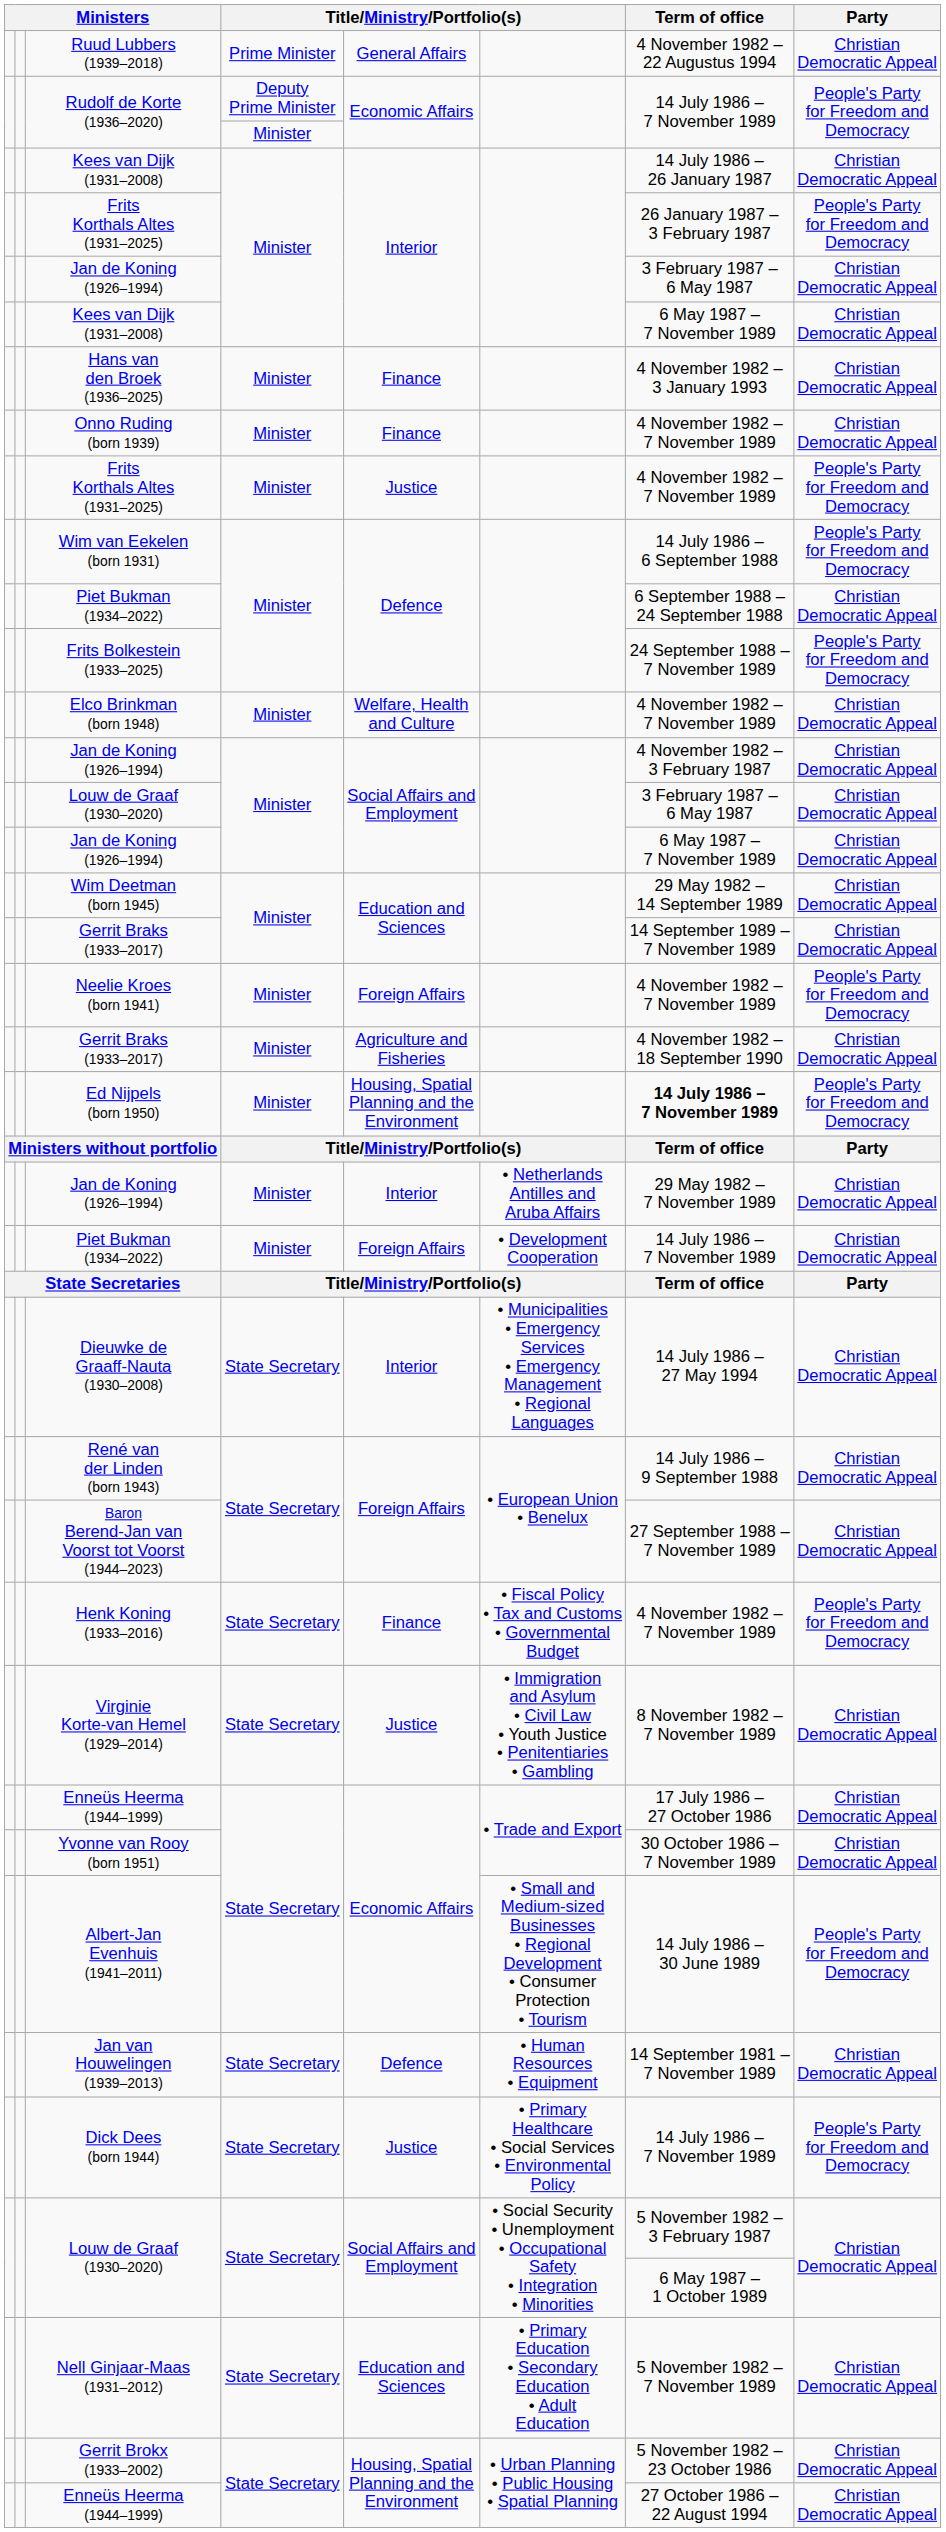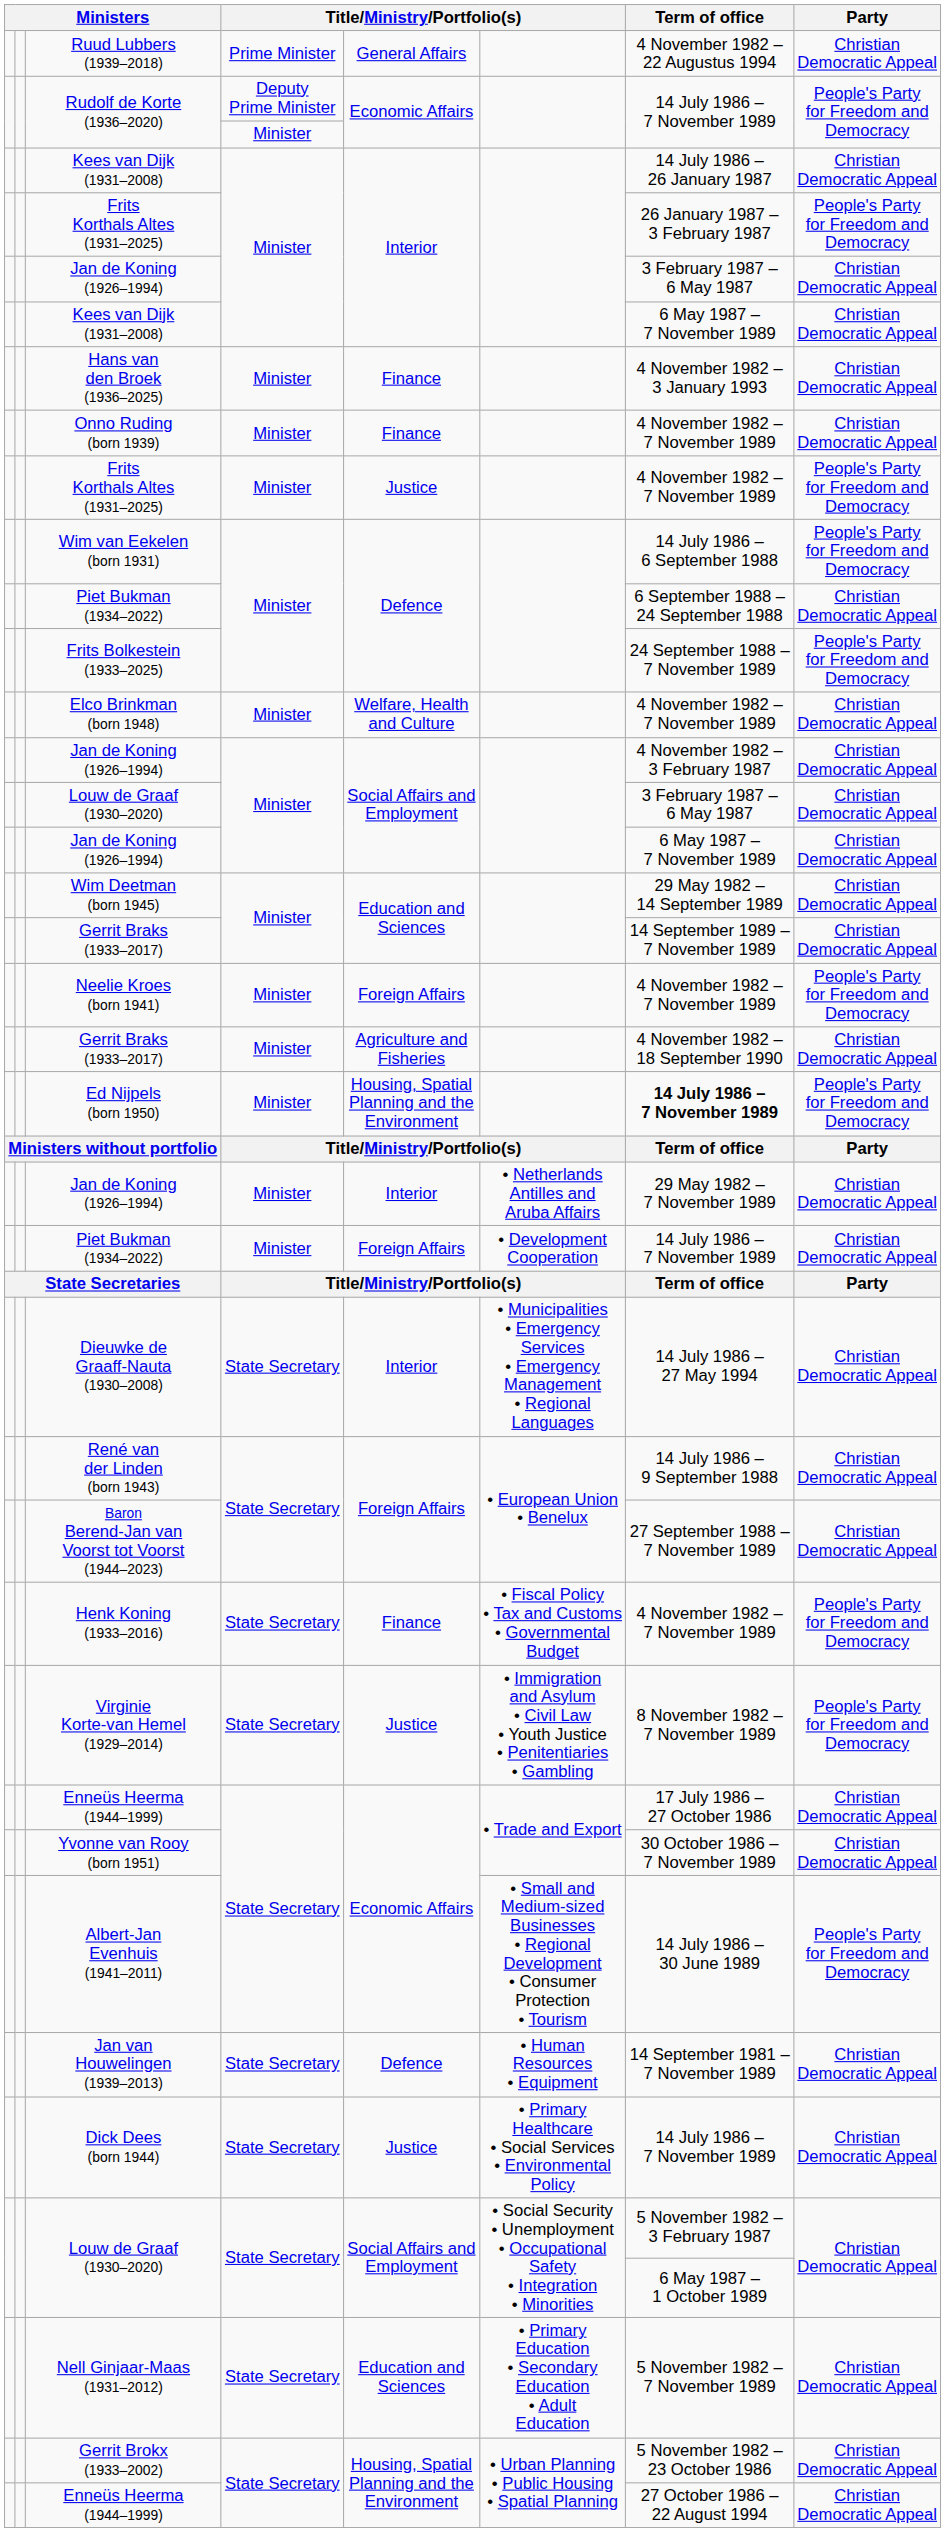 <table class="wikitable" style="text-align:center">
 <tr>
 <th colspan=3><a href='#'>Ministers</a></th>
 <th colspan=3>Title/<a href='#'>Ministry</a>/Portfolio(s)</th>
 <th>Term of office</th>
 <th>Party</th>
 </tr>
 <tr>
 <td style="background:"></td>
 <td></td>
 <td><a href='#'>Ruud Lubbers</a> <br> <small>(1939–2018)</small></td>
 <td><a href='#'>Prime Minister</a></td>
 <td><a href='#'>General Affairs</a></td>
 <td></td>
 <td>4 November 1982 – <br> 22 Augustus 1994 <br>  </td>
 <td><a href='#'>Christian <br> Democratic Appeal</a></td>
 </tr>
 <tr>
 <td rowspan=2 style="background:"></td>
 <td rowspan=2></td>
 <td rowspan=2><a href='#'>Rudolf de Korte</a> <br> <small>(1936–2020)</small></td>
 <td><a href='#'>Deputy <br> Prime Minister</a></td>
 <td rowspan=2><a href='#'>Economic Affairs</a></td>
 <td rowspan=2></td>
 <td rowspan=2>14 July 1986 – <br> 7 November 1989</td>
 <td rowspan=2><a href='#'>People's Party <br> for Freedom and <br> Democracy</a></td>
 </tr>
 <tr>
 <td><a href='#'>Minister</a></td>
 </tr>
 <tr>
 <td style="background:"></td>
 <td></td>
 <td><a href='#'>Kees van Dijk</a> <br> <small>(1931–2008)</small></td>
 <td rowspan=4><a href='#'>Minister</a></td>
 <td rowspan=4><a href='#'>Interior</a></td>
 <td rowspan=4></td>
 <td>14 July 1986 – <br> 26 January 1987 <br> </td>
 <td><a href='#'>Christian <br> Democratic Appeal</a></td>
 </tr>
 <tr>
 <td style="background:"></td>
 <td></td>
 <td><a href='#'>Frits <br> Korthals Altes</a> <br> <small>(1931–2025)</small></td>
 <td>26 January 1987 – <br> 3 February 1987 <br> </td>
 <td><a href='#'>People's Party <br> for Freedom and <br> Democracy</a></td>
 </tr>
 <tr>
 <td style="background:"></td>
 <td></td>
 <td><a href='#'>Jan de Koning</a> <br> <small>(1926–1994)</small></td>
 <td>3 February 1987 – <br> 6 May 1987 <br> </td>
 <td><a href='#'>Christian <br> Democratic Appeal</a></td>
 </tr>
 <tr>
 <td style="background:"></td>
 <td></td>
 <td><a href='#'>Kees van Dijk</a> <br> <small>(1931–2008)</small></td>
 <td>6 May 1987 – <br> 7 November 1989</td>
 <td><a href='#'>Christian <br> Democratic Appeal</a></td>
 </tr>
 <tr>
 <td style="background:"></td>
 <td></td>
 <td><a href='#'>Hans van <br> den Broek</a> <br> <small>(1936–2025)</small></td>
 <td><a href='#'>Minister</a></td>
 <td><a href='#'>Finance</a></td>
 <td></td>
 <td>4 November 1982 – <br> 3 January 1993 <br>  </td>
 <td><a href='#'>Christian <br> Democratic Appeal</a></td>
 </tr>
 <tr>
 <td style="background:"></td>
 <td></td>
 <td><a href='#'>Onno Ruding</a> <br> <small>(born 1939)</small></td>
 <td><a href='#'>Minister</a></td>
 <td><a href='#'>Finance</a></td>
 <td></td>
 <td>4 November 1982 – <br> 7 November 1989 <br> </td>
 <td><a href='#'>Christian <br> Democratic Appeal</a></td>
 </tr>
 <tr>
 <td style="background:"></td>
 <td></td>
 <td><a href='#'>Frits <br> Korthals Altes</a> <br> <small>(1931–2025)</small></td>
 <td><a href='#'>Minister</a></td>
 <td><a href='#'>Justice</a></td>
 <td></td>
 <td>4 November 1982 – <br> 7 November 1989 <br> </td>
 <td><a href='#'>People's Party <br> for Freedom and <br> Democracy</a></td>
 </tr>
 <tr>
 <td style="background:"></td>
 <td></td>
 <td><a href='#'>Wim van Eekelen</a> <br> <small>(born 1931)</small></td>
 <td rowspan=3><a href='#'>Minister</a></td>
 <td rowspan=3><a href='#'>Defence</a></td>
 <td rowspan=3></td>
 <td>14 July 1986 – <br> 6 September 1988 <br> </td>
 <td><a href='#'>People's Party <br> for Freedom and <br> Democracy</a></td>
 </tr>
 <tr>
 <td style="background:"></td>
 <td></td>
 <td><a href='#'>Piet Bukman</a> <br> <small>(1934–2022)</small></td>
 <td>6 September 1988 – <br> 24 September 1988 <br> </td>
 <td><a href='#'>Christian <br> Democratic Appeal</a></td>
 </tr>
 <tr>
 <td style="background:"></td>
 <td></td>
 <td><a href='#'>Frits Bolkestein</a> <br> <small>(1933–2025)</small></td>
 <td>24 September 1988 – <br> 7 November 1989</td>
 <td><a href='#'>People's Party <br> for Freedom and <br> Democracy</a></td>
 </tr>
 <tr>
 <td style="background:"></td>
 <td></td>
 <td><a href='#'>Elco Brinkman</a> <br> <small>(born 1948)</small></td>
 <td><a href='#'>Minister</a></td>
 <td><a href='#'>Welfare, Health <br> and Culture</a></td>
 <td></td>
 <td>4 November 1982 – <br> 7 November 1989 <br> </td>
 <td><a href='#'>Christian <br> Democratic Appeal</a></td>
 </tr>
 <tr>
 <td style="background:"></td>
 <td></td>
 <td><a href='#'>Jan de Koning</a> <br> <small>(1926–1994)</small></td>
 <td rowspan=3><a href='#'>Minister</a></td>
 <td rowspan=3><a href='#'>Social Affairs and <br> Employment</a></td>
 <td rowspan=3></td>
 <td>4 November 1982 – <br> 3 February 1987 <br>  </td>
 <td><a href='#'>Christian <br> Democratic Appeal</a></td>
 </tr>
 <tr>
 <td style="background:"></td>
 <td></td>
 <td><a href='#'>Louw de Graaf</a> <br> <small>(1930–2020)</small></td>
 <td>3 February 1987 – <br> 6 May 1987 <br> </td>
 <td><a href='#'>Christian <br> Democratic Appeal</a></td>
 </tr>
 <tr>
 <td style="background:"></td>
 <td></td>
 <td><a href='#'>Jan de Koning</a> <br> <small>(1926–1994)</small></td>
 <td>6 May 1987 – <br> 7 November 1989</td>
 <td><a href='#'>Christian <br> Democratic Appeal</a></td>
 </tr>
 <tr>
 <td style="background:"></td>
 <td></td>
 <td><a href='#'>Wim Deetman</a> <br> <small>(born 1945)</small></td>
 <td rowspan=2><a href='#'>Minister</a></td>
 <td rowspan=2><a href='#'>Education and <br> Sciences</a></td>
 <td rowspan=2></td>
 <td>29 May 1982 – <br> 14 September 1989 <br>  </td>
 <td><a href='#'>Christian <br> Democratic Appeal</a></td>
 </tr>
 <tr>
 <td style="background:"></td>
 <td></td>
 <td><a href='#'>Gerrit Braks</a> <br> <small>(1933–2017)</small></td>
 <td>14 September 1989 – <br> 7 November 1989 <br> </td>
 <td><a href='#'>Christian <br> Democratic Appeal</a></td>
 </tr>
 <tr>
 <td style="background:"></td>
 <td></td>
 <td><a href='#'>Neelie Kroes</a> <br> <small>(born 1941)</small></td>
 <td><a href='#'>Minister</a></td>
 <td><a href='#'>Foreign Affairs</a></td>
 <td></td>
 <td>4 November 1982 – <br> 7 November 1989 <br> </td>
 <td><a href='#'>People's Party <br> for Freedom and <br> Democracy</a></td>
 </tr>
 <tr>
 <td style="background:"></td>
 <td></td>
 <td><a href='#'>Gerrit Braks</a> <br> <small>(1933–2017)</small></td>
 <td><a href='#'>Minister</a></td>
 <td><a href='#'>Agriculture and <br> Fisheries</a></td>
 <td></td>
 <td>4 November 1982 – <br> 18 September 1990 <br>  </td>
 <td><a href='#'>Christian <br> Democratic Appeal</a></td>
 </tr>
 <tr>
 <td style="background:"></td>
 <td></td>
 <td><a href='#'>Ed Nijpels</a> <br> <small>(born 1950)</small></td>
 <td><a href='#'>Minister</a></td>
 <td><a href='#'>Housing, Spatial <br> Planning and the <br> Environment</a></td>
 <td></td>
 <td><strong>14 July 1986 – <br> 7 November 1989</strong></td>
 <td><a href='#'>People's Party <br> for Freedom and <br> Democracy</a></td>
 </tr>
 <tr>
 <th colspan=3><a href='#'>Ministers without portfolio</a></th>
 <th colspan=3>Title/<a href='#'>Ministry</a>/Portfolio(s)</th>
 <th>Term of office</th>
 <th>Party</th>
 </tr>
 <tr>
 <td style="background:"></td>
 <td></td>
 <td><a href='#'>Jan de Koning</a> <br> <small>(1926–1994)</small></td>
 <td><a href='#'>Minister</a></td>
 <td><a href='#'>Interior</a></td>
 <td>• <a href='#'>Netherlands <br> Antilles and <br> Aruba Affairs</a></td>
 <td>29 May 1982 – <br> 7 November 1989 <br> </td>
 <td><a href='#'>Christian <br> Democratic Appeal</a></td>
 </tr>
 <tr>
 <td style="background:"></td>
 <td></td>
 <td><a href='#'>Piet Bukman</a> <br> <small>(1934–2022)</small></td>
 <td><a href='#'>Minister</a></td>
 <td><a href='#'>Foreign Affairs</a></td>
 <td>• <a href='#'>Development <br> Cooperation</a></td>
 <td>14 July 1986 – <br> 7 November 1989</td>
 <td><a href='#'>Christian <br> Democratic Appeal</a></td>
 </tr>
 <tr>
 <th colspan=3><a href='#'>State Secretaries</a></th>
 <th colspan=3>Title/<a href='#'>Ministry</a>/Portfolio(s)</th>
 <th>Term of office</th>
 <th>Party</th>
 </tr>
 <tr>
 <td style="background:"></td>
 <td></td>
 <td><a href='#'>Dieuwke de <br> Graaff-Nauta</a> <br> <small>(1930–2008)</small></td>
 <td><a href='#'>State Secretary</a></td>
 <td><a href='#'>Interior</a></td>
 <td>• <a href='#'>Municipalities</a> <br> • <a href='#'>Emergency <br> Services</a> <br> • <a href='#'>Emergency <br> Management</a> <br> • <a href='#'>Regional <br> Languages</a></td>
 <td>14 July 1986 – <br> 27 May 1994 <br> </td>
 <td><a href='#'>Christian <br> Democratic Appeal</a></td>
 </tr>
 <tr>
 <td style="background:"></td>
 <td></td>
 <td><a href='#'>René van <br> der Linden</a> <br> <small>(born 1943)</small></td>
 <td rowspan=2><a href='#'>State Secretary</a> <br> </td>
 <td rowspan=2><a href='#'>Foreign Affairs</a></td>
 <td rowspan=2>• <a href='#'>European Union</a> <br> • <a href='#'>Benelux</a></td>
 <td>14 July 1986 – <br> 9 September 1988 <br> </td>
 <td><a href='#'>Christian <br> Democratic Appeal</a></td>
 </tr>
 <tr>
 <td style="background:"></td>
 <td></td>
 <td><small><a href='#'>Baron</a></small> <br> <a href='#'>Berend-Jan van <br> Voorst tot Voorst</a> <br> <small>(1944–2023)</small></td>
 <td>27 September 1988 – <br> 7 November 1989</td>
 <td><a href='#'>Christian <br> Democratic Appeal</a></td>
 </tr>
 <tr>
 <td style="background:"></td>
 <td></td>
 <td><a href='#'>Henk Koning</a> <br> <small>(1933–2016)</small></td>
 <td><a href='#'>State Secretary</a></td>
 <td><a href='#'>Finance</a></td>
 <td>• <a href='#'>Fiscal Policy</a> <br> • <a href='#'>Tax and Customs</a> <br> • <a href='#'>Governmental <br> Budget</a></td>
 <td>4 November 1982 – <br> 7 November 1989 <br> </td>
 <td><a href='#'>People's Party <br> for Freedom and <br> Democracy</a></td>
 </tr>
 <tr>
 <td style="background:"></td>
 <td></td>
 <td><a href='#'>Virginie <br> Korte-van Hemel</a> <br> <small>(1929–2014)</small></td>
 <td><a href='#'>State Secretary</a></td>
 <td><a href='#'>Justice</a></td>
 <td>• <a href='#'>Immigration <br> and Asylum</a> <br> • <a href='#'>Civil Law</a> <br> • Youth Justice <br> • <a href='#'>Penitentiaries</a> <br> • <a href='#'>Gambling</a></td>
 <td>8 November 1982 – <br> 7 November 1989 <br> </td>
-<td><a href='#'>Christian <br> Democratic Appeal</a></td>
+<td><a href='#'>People's Party <br> for Freedom and <br> Democracy</a></td>
 </tr>
 <tr>
 <td style="background:"></td>
 <td></td>
 <td><a href='#'>Enneüs Heerma</a> <br> <small>(1944–1999)</small></td>
 <td rowspan=3><a href='#'>State Secretary</a></td>
 <td rowspan=3><a href='#'>Economic Affairs</a></td>
 <td rowspan=2>• <a href='#'>Trade and Export</a> <br> </td>
 <td>17 July 1986 – <br> 27 October 1986 <br> </td>
 <td><a href='#'>Christian <br> Democratic Appeal</a></td>
 </tr>
 <tr>
 <td style="background:"></td>
 <td></td>
 <td><a href='#'>Yvonne van Rooy</a> <br> <small>(born 1951)</small></td>
 <td>30 October 1986 – <br> 7 November 1989</td>
 <td><a href='#'>Christian <br> Democratic Appeal</a></td>
 </tr>
 <tr>
 <td style="background:"></td>
 <td></td>
 <td><a href='#'>Albert-Jan <br> Evenhuis</a> <br> <small>(1941–2011)</small></td>
 <td>• <a href='#'>Small and <br> Medium-sized <br> Businesses</a> <br> • <a href='#'>Regional <br> Development</a> <br> • Consumer <br> Protection <br> • <a href='#'>Tourism</a></td>
 <td>14 July 1986 – <br> 30 June 1989 <br> </td>
 <td><a href='#'>People's Party <br> for Freedom and <br> Democracy</a></td>
 </tr>
 <tr>
 <td style="background:"></td>
 <td></td>
 <td><a href='#'>Jan van <br> Houwelingen</a> <br> <small>(1939–2013)</small></td>
 <td><a href='#'>State Secretary</a></td>
 <td><a href='#'>Defence</a></td>
 <td>• <a href='#'>Human <br> Resources</a> <br> • <a href='#'>Equipment</a></td>
 <td>14 September 1981 – <br> 7 November 1989 <br> </td>
 <td><a href='#'>Christian <br> Democratic Appeal</a></td>
 </tr>
 <tr>
 <td style="background:"></td>
 <td></td>
 <td><a href='#'>Dick Dees</a> <br> <small>(born 1944)</small></td>
 <td><a href='#'>State Secretary</a></td>
 <td><a href='#'>Justice</a></td>
 <td>• <a href='#'>Primary <br> Healthcare</a> <br> • Social Services <br> • <a href='#'>Environmental <br> Policy</a></td>
 <td>14 July 1986 – <br> 7 November 1989</td>
-<td><a href='#'>People's Party <br> for Freedom and <br> Democracy</a></td>
+<td><a href='#'>Christian <br> Democratic Appeal</a></td>
 </tr>
 <tr>
 <td rowspan=2 style="background:"></td>
 <td rowspan=2></td>
 <td rowspan=2><a href='#'>Louw de Graaf</a> <br> <small>(1930–2020)</small></td>
 <td rowspan=2><a href='#'>State Secretary</a></td>
 <td rowspan=2><a href='#'>Social Affairs and <br> Employment</a></td>
 <td rowspan=2>• Social Security <br> • Unemployment <br> • <a href='#'>Occupational <br> Safety</a> <br> • <a href='#'>Integration</a> <br> • <a href='#'>Minorities</a></td>
 <td>5 November 1982 – <br> 3 February 1987 <br> </td>
 <td rowspan=2><a href='#'>Christian <br> Democratic Appeal</a></td>
 </tr>
 <tr>
 <td>6 May 1987 – <br> 1 October 1989 <br> </td>
 </tr>
 <tr>
 <td style="background:"></td>
 <td></td>
 <td><a href='#'>Nell Ginjaar-Maas</a> <br> <small>(1931–2012)</small></td>
 <td><a href='#'>State Secretary</a></td>
 <td><a href='#'>Education and <br> Sciences</a></td>
 <td>• <a href='#'>Primary <br> Education</a> <br> • <a href='#'>Secondary <br> Education</a> <br> • <a href='#'>Adult <br> Education</a></td>
 <td>5 November 1982 – <br> 7 November 1989 <br> </td>
 <td><a href='#'>Christian <br> Democratic Appeal</a></td>
 </tr>
 <tr>
 <td style="background:"></td>
 <td></td>
 <td><a href='#'>Gerrit Brokx</a> <br> <small>(1933–2002)</small></td>
 <td rowspan=2><a href='#'>State Secretary</a></td>
 <td rowspan=2><a href='#'>Housing, Spatial <br> Planning and the <br> Environment</a></td>
 <td rowspan=2>• <a href='#'>Urban Planning</a> <br> • <a href='#'>Public Housing</a> <br> • <a href='#'>Spatial Planning</a></td>
 <td>5 November 1982 – <br> 23 October 1986 <br>  </td>
 <td><a href='#'>Christian <br> Democratic Appeal</a></td>
 </tr>
 <tr>
 <td style="background:"></td>
 <td></td>
 <td><a href='#'>Enneüs Heerma</a> <br> <small>(1944–1999)</small></td>
 <td>27 October 1986 – <br> 22 August 1994</td>
 <td><a href='#'>Christian <br> Democratic Appeal</a></td>
 </tr>
 <tr>
 </tr>
 </table>
